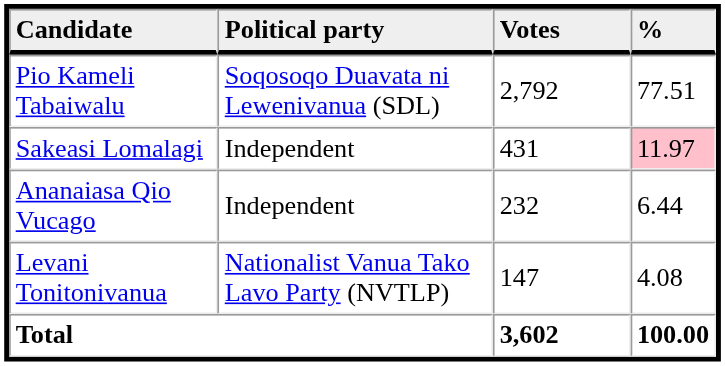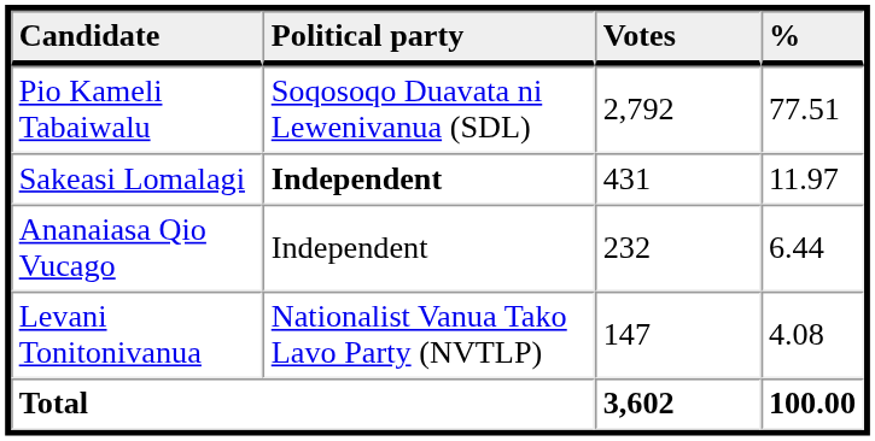 <table table width="70%" border="1" align="center" cellpadding=3 cellspacing=0 style="margin:5px; border:3px solid;">
 <tr>
 <td td width="30%" style="border-bottom:3px solid; background:#efefef;"><strong>Candidate</strong></td>
 <td td width="40%" style="border-bottom:3px solid; background:#efefef;"><strong>Political party</strong></td>
 <td td width="20%" style="border-bottom:3px solid; background:#efefef;"><strong>Votes</strong></td>
 <td td width="10%" style="border-bottom:3px solid; background:#efefef;"><strong>%</strong></td>
 </tr>
 <tr>
 <td><a href='#'>Pio Kameli Tabaiwalu</a></td>
 <td><a href='#'>Soqosoqo Duavata ni Lewenivanua</a> (SDL)</td>
 <td>2,792</td>
 <td>77.51</td>
 </tr>
 <tr>
 <td><a href='#'>Sakeasi Lomalagi</a></td>
-<td>Independent</td>
+<td><strong>Independent</strong></td>
 <td>431</td>
-<td style="background: pink;">11.97</td>
+<td>11.97</td>
 </tr>
 <tr>
 <td><a href='#'>Ananaiasa Qio Vucago</a></td>
 <td>Independent</td>
 <td>232</td>
 <td>6.44</td>
 </tr>
 <tr>
 <td><a href='#'>Levani Tonitonivanua</a></td>
 <td><a href='#'>Nationalist Vanua Tako Lavo Party</a> (NVTLP)</td>
 <td>147</td>
 <td>4.08</td>
 </tr>
 <tr>
 <td colspan=2><strong>Total</strong></td>
 <td><strong>3,602</strong></td>
 <td><strong>100.00</strong></td>
 </tr>
 <tr>
 </tr>
 </table>
